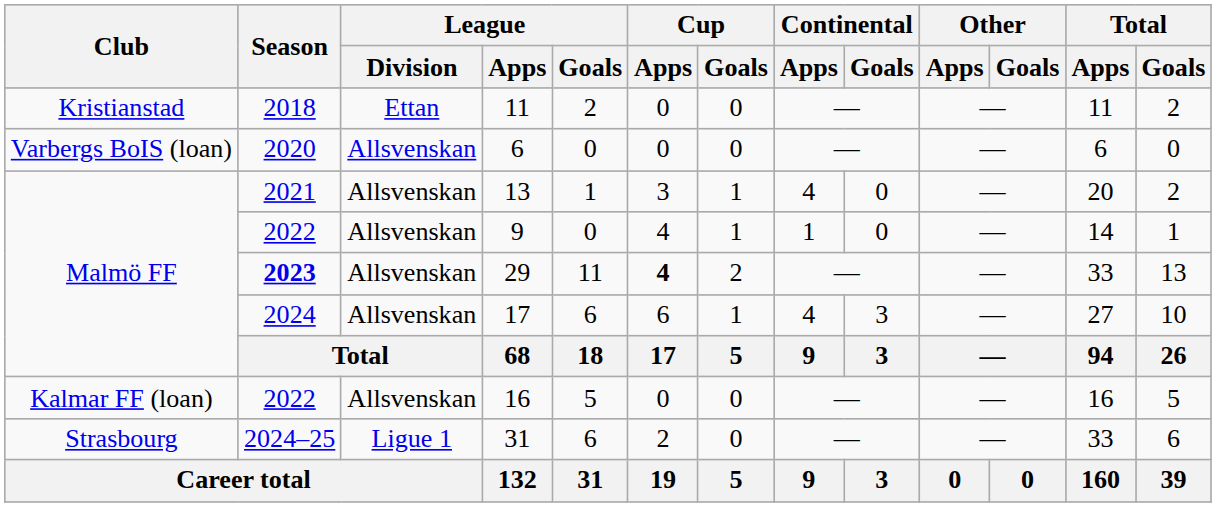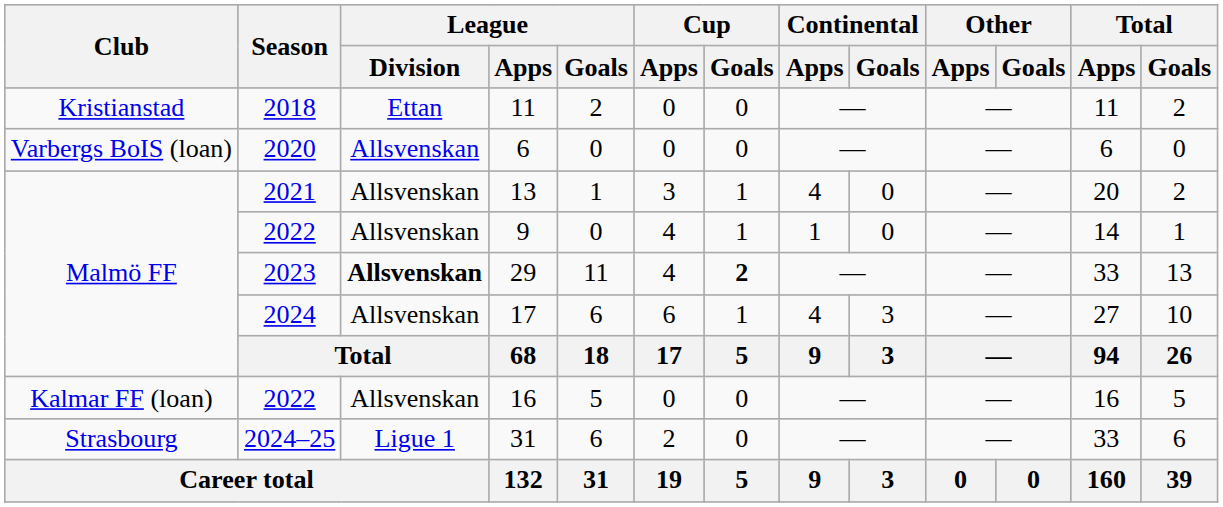 <table class="wikitable" style="text-align:center">
 <tr>
 <th rowspan="2">Club</th>
 <th rowspan="2">Season</th>
 <th colspan="3">League</th>
 <th colspan="2">Cup</th>
 <th colspan="2">Continental</th>
 <th colspan="2">Other</th>
 <th colspan="2">Total</th>
 </tr>
 <tr>
 <th>Division</th>
 <th>Apps</th>
 <th>Goals</th>
 <th>Apps</th>
 <th>Goals</th>
 <th>Apps</th>
 <th>Goals</th>
 <th>Apps</th>
 <th>Goals</th>
 <th>Apps</th>
 <th>Goals</th>
 </tr>
 <tr>
 <td><a href='#'>Kristianstad</a></td>
 <td><a href='#'>2018</a></td>
 <td><a href='#'>Ettan</a></td>
 <td>11</td>
 <td>2</td>
 <td>0</td>
 <td>0</td>
 <td colspan="2">—</td>
 <td colspan="2">—</td>
 <td>11</td>
 <td>2</td>
 </tr>
 <tr>
 <td><a href='#'>Varbergs BoIS</a> (loan)</td>
 <td><a href='#'>2020</a></td>
 <td><a href='#'>Allsvenskan</a></td>
 <td>6</td>
 <td>0</td>
 <td>0</td>
 <td>0</td>
 <td colspan="2">—</td>
 <td colspan="2">—</td>
 <td>6</td>
 <td>0</td>
 </tr>
 <tr>
 <td rowspan="5"><a href='#'>Malmö FF</a></td>
 <td><a href='#'>2021</a></td>
 <td>Allsvenskan</td>
 <td>13</td>
 <td>1</td>
 <td>3</td>
 <td>1</td>
 <td>4</td>
 <td>0</td>
 <td colspan="2">—</td>
 <td>20</td>
 <td>2</td>
 </tr>
 <tr>
 <td><a href='#'>2022</a></td>
 <td>Allsvenskan</td>
 <td>9</td>
 <td>0</td>
 <td>4</td>
 <td>1</td>
 <td>1</td>
 <td>0</td>
 <td colspan="2">—</td>
 <td>14</td>
 <td>1</td>
 </tr>
 <tr>
-<td><strong><a href='#'>2023</a></strong></td>
-<td>Allsvenskan</td>
+<td><a href='#'>2023</a></td>
+<td><strong>Allsvenskan</strong></td>
 <td>29</td>
 <td>11</td>
-<td><strong>4</strong></td>
-<td>2</td>
+<td>4</td>
+<td><strong>2</strong></td>
 <td colspan="2">—</td>
 <td colspan="2">—</td>
 <td>33</td>
 <td>13</td>
 </tr>
 <tr>
 <td><a href='#'>2024</a></td>
 <td>Allsvenskan</td>
 <td>17</td>
 <td>6</td>
 <td>6</td>
 <td>1</td>
 <td>4</td>
 <td>3</td>
 <td colspan="2">—</td>
 <td>27</td>
 <td>10</td>
 </tr>
 <tr>
 <th colspan="2">Total</th>
 <th>68</th>
 <th>18</th>
 <th>17</th>
 <th>5</th>
 <th>9</th>
 <th>3</th>
 <th colspan="2">—</th>
 <th>94</th>
 <th>26</th>
 </tr>
 <tr>
 <td><a href='#'>Kalmar FF</a> (loan)</td>
 <td><a href='#'>2022</a></td>
 <td>Allsvenskan</td>
 <td>16</td>
 <td>5</td>
 <td>0</td>
 <td>0</td>
 <td colspan="2">—</td>
 <td colspan="2">—</td>
 <td>16</td>
 <td>5</td>
 </tr>
 <tr>
 <td><a href='#'>Strasbourg</a></td>
 <td><a href='#'>2024–25</a></td>
 <td><a href='#'>Ligue 1</a></td>
 <td>31</td>
 <td>6</td>
 <td>2</td>
 <td>0</td>
 <td colspan="2">—</td>
 <td colspan="2">—</td>
 <td>33</td>
 <td>6</td>
 </tr>
 <tr>
 <th colspan="3">Career total</th>
 <th>132</th>
 <th>31</th>
 <th>19</th>
 <th>5</th>
 <th>9</th>
 <th>3</th>
 <th>0</th>
 <th>0</th>
 <th>160</th>
 <th>39</th>
 </tr>
 </table>
